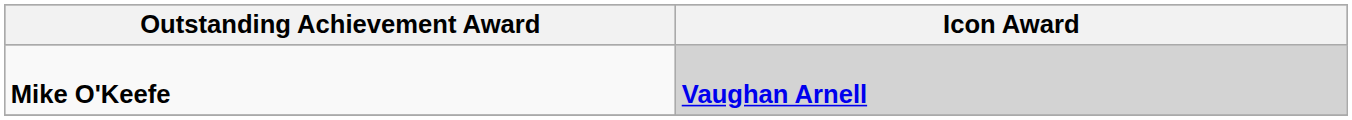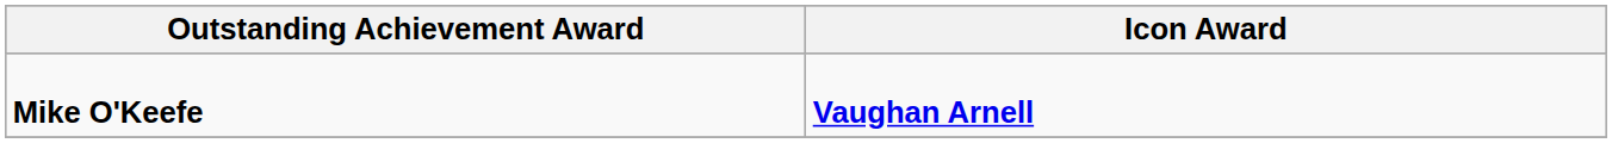 <table class="wikitable" style="width:95%">
 <tr bgcolor="#bebebe">
 <th width="50%">Outstanding Achievement Award</th>
 <th width="50%">Icon Award</th>
 </tr>
 <tr>
 <td valign="top"><br><strong>Mike O'Keefe</strong></td>
-<td valign="top" style="background: lightgrey;"><br><strong><a href='#'>Vaughan Arnell</a></strong></td>
+<td valign="top"><br><strong><a href='#'>Vaughan Arnell</a></strong></td>
 </tr>
 <tr>
 </tr>
 </table>
